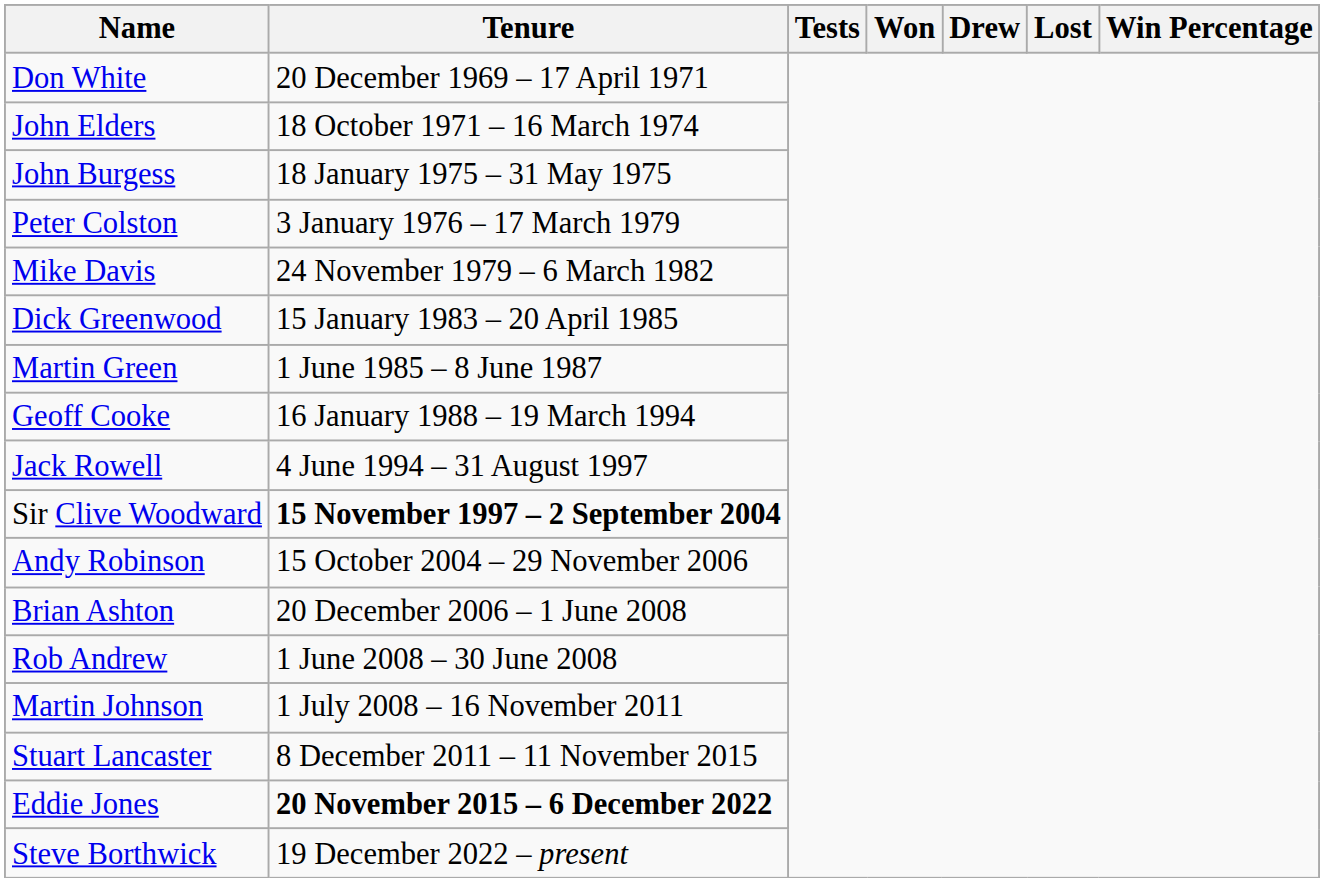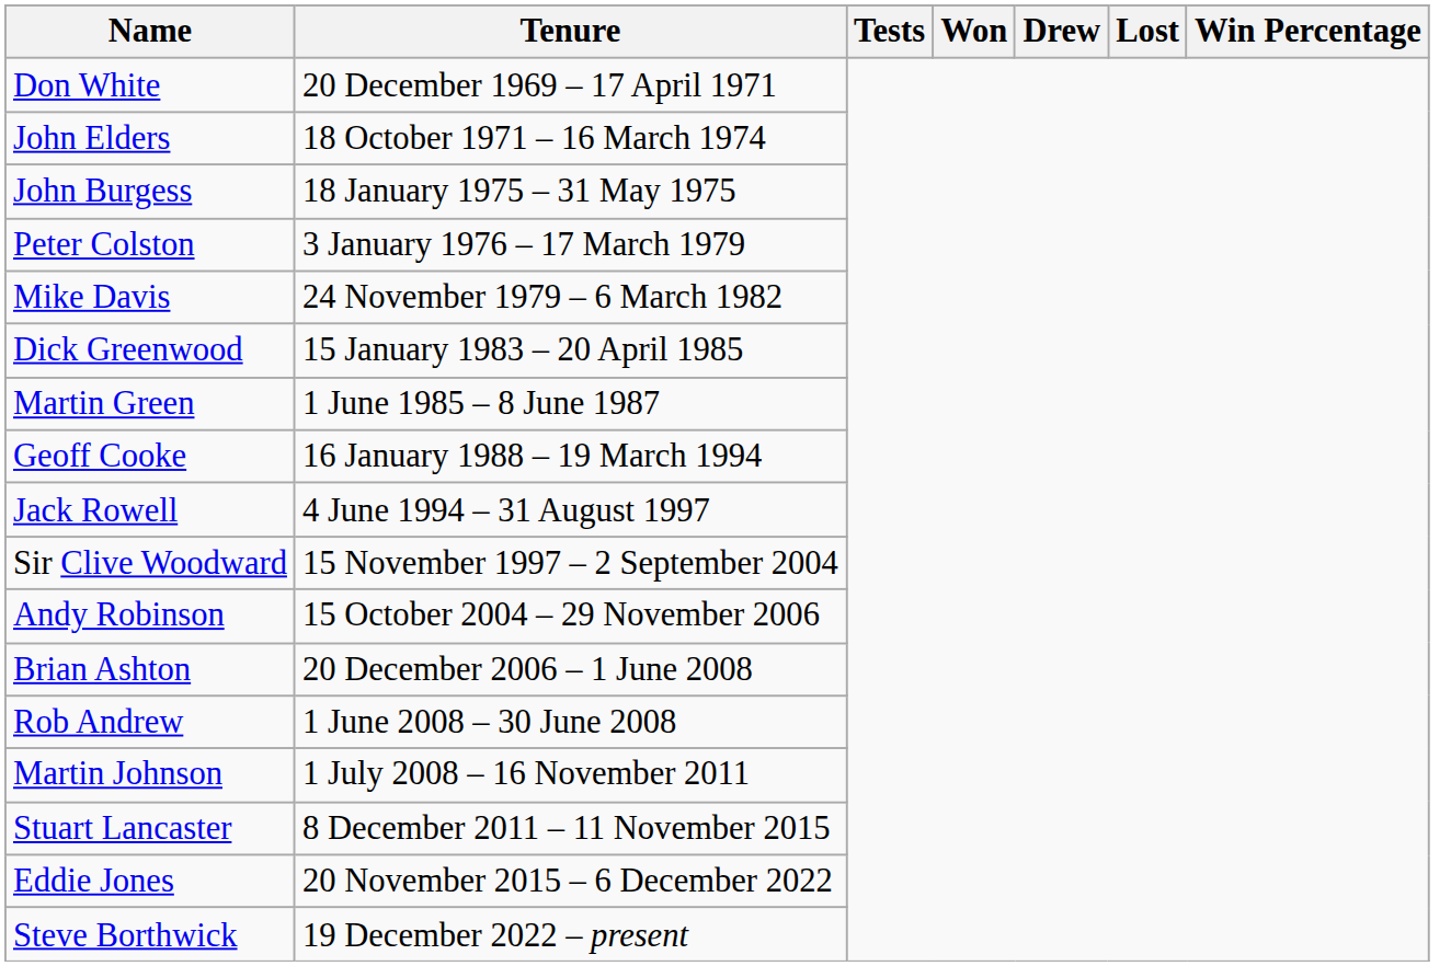 <table class="sortable wikitable">
 <tr>
 <th>Name</th>
 <th>Tenure</th>
 <th>Tests</th>
 <th>Won</th>
 <th>Drew</th>
 <th>Lost</th>
 <th>Win Percentage</th>
 </tr>
 <tr>
 <td> <a href='#'>Don White</a></td>
 <td>20 December 1969 – 17 April 1971<br></td>
 </tr>
 <tr>
 <td> <a href='#'>John Elders</a></td>
 <td>18 October 1971 – 16 March 1974<br></td>
 </tr>
 <tr>
 <td> <a href='#'>John Burgess</a></td>
 <td>18 January 1975 – 31 May 1975<br></td>
 </tr>
 <tr>
 <td> <a href='#'>Peter Colston</a></td>
 <td>3 January 1976 – 17 March 1979<br></td>
 </tr>
 <tr>
 <td> <a href='#'>Mike Davis</a></td>
 <td>24 November 1979 – 6 March 1982<br></td>
 </tr>
 <tr>
 <td> <a href='#'>Dick Greenwood</a></td>
 <td>15 January 1983 – 20 April 1985<br></td>
 </tr>
 <tr>
 <td> <a href='#'>Martin Green</a></td>
 <td>1 June 1985 – 8 June 1987<br></td>
 </tr>
 <tr>
 <td> <a href='#'>Geoff Cooke</a></td>
 <td>16 January 1988 – 19 March 1994<br></td>
 </tr>
 <tr>
 <td> <a href='#'>Jack Rowell</a></td>
 <td>4 June 1994 – 31 August 1997<br></td>
 </tr>
 <tr>
 <td> Sir <a href='#'>Clive Woodward</a></td>
-<td><strong>15 November 1997 – 2 September 2004<br></strong></td>
+<td>15 November 1997 – 2 September 2004<br></td>
 </tr>
 <tr>
 <td> <a href='#'>Andy Robinson</a></td>
 <td>15 October 2004 – 29 November 2006<br></td>
 </tr>
 <tr>
 <td> <a href='#'>Brian Ashton</a></td>
 <td>20 December 2006 – 1 June 2008<br></td>
 </tr>
 <tr>
 <td> <a href='#'>Rob Andrew</a></td>
 <td>1 June 2008 – 30 June 2008<br></td>
 </tr>
 <tr>
 <td> <a href='#'>Martin Johnson</a></td>
 <td>1 July 2008 – 16 November 2011<br></td>
 </tr>
 <tr>
 <td> <a href='#'>Stuart Lancaster</a></td>
 <td>8 December 2011 – 11 November 2015<br></td>
 </tr>
 <tr>
 <td> <a href='#'>Eddie Jones</a></td>
-<td><strong>20 November 2015 – 6 December 2022<br></strong></td>
+<td>20 November 2015 – 6 December 2022<br></td>
 </tr>
 <tr>
 <td> <a href='#'>Steve Borthwick</a></td>
 <td>19 December 2022 – <em>present</em><br></td>
 </tr>
 </table>
